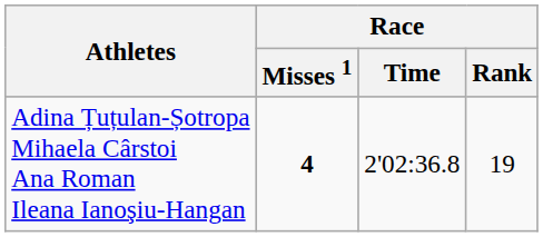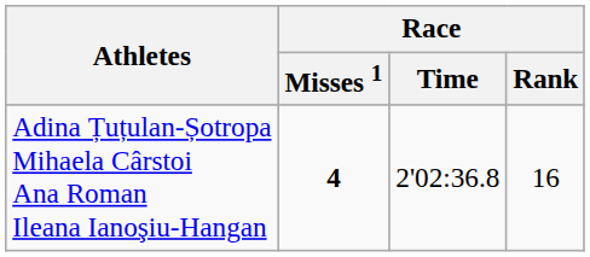 <table class="wikitable" border="1" style="font-size:90%">
 <tr>
 <th rowspan=2>Athletes</th>
 <th colspan=3>Race</th>
 </tr>
 <tr>
 <th>Misses <sup>1</sup></th>
 <th>Time</th>
 <th>Rank</th>
 </tr>
 <tr>
 <td><a href='#'>Adina Țuțulan-Șotropa</a><br><a href='#'>Mihaela Cârstoi</a><br><a href='#'>Ana Roman</a><br><a href='#'>Ileana Ianoşiu-Hangan</a></td>
 <td align=center><strong>4</strong></td>
 <td align=center>2'02:36.8</td>
-<td align=center>19</td>
+<td align=center>16</td>
 </tr>
 </table>
